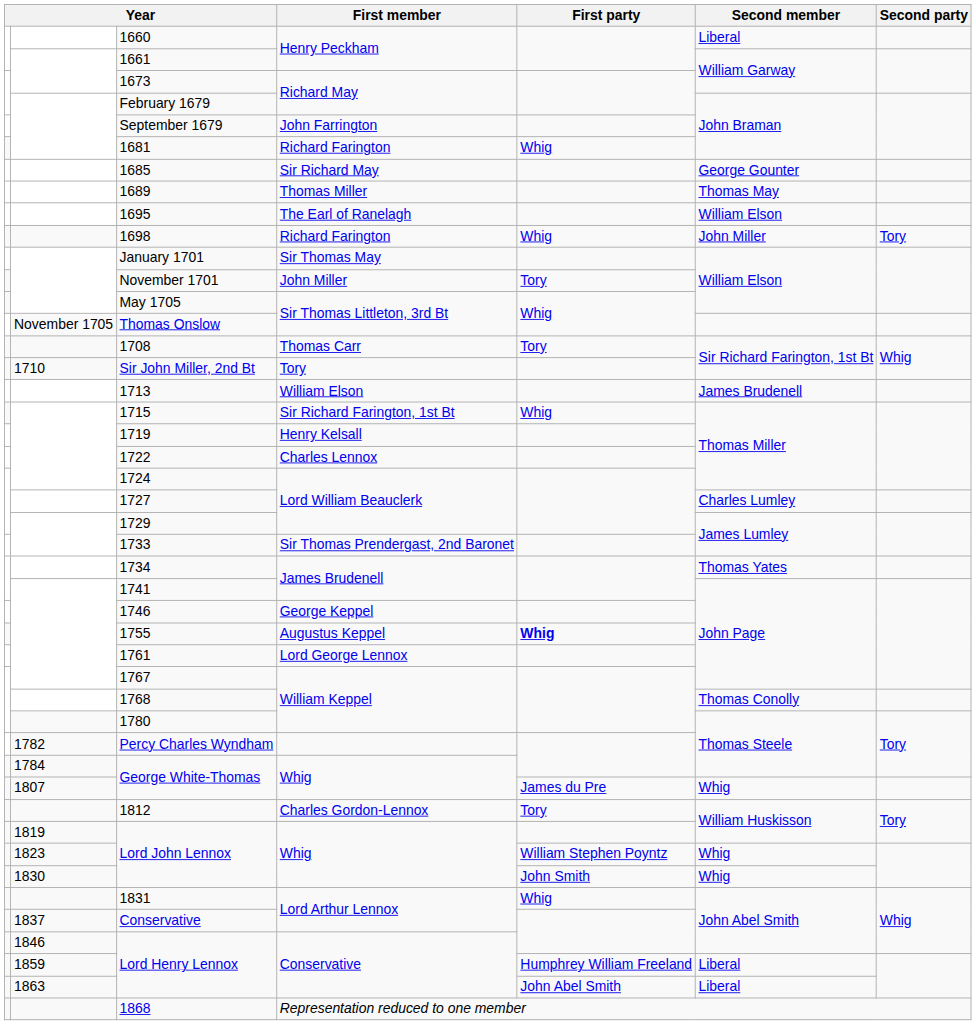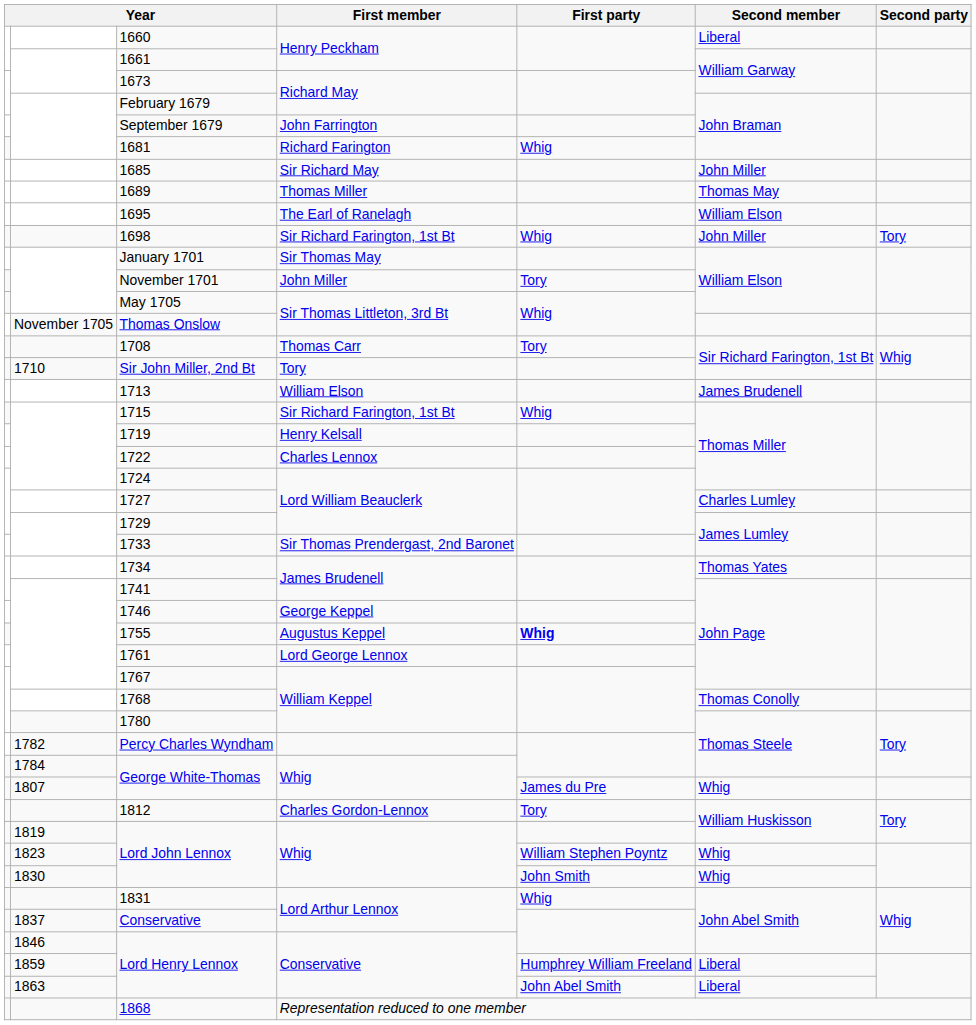 <table class="wikitable">
 <tr>
 <th colspan="3">Year</th>
 <th>First member</th>
 <th>First party</th>
 <th>Second member</th>
 <th>Second party</th>
 </tr>
 <tr>
 <td style="color:inherit;background-color: white" rowspan="2"></td>
 <td style="color:inherit;background-color: white"></td>
 <td>1660</td>
 <td rowspan="2"><a href='#'>Henry Peckham</a></td>
 <td rowspan="2"></td>
 <td><a href='#'>Liberal</a></td>
 <td></td>
 </tr>
 <tr>
 <td style="color:inherit;background-color: white" rowspan="2"></td>
 <td>1661</td>
 <td rowspan="2"><a href='#'>William Garway</a></td>
 <td rowspan="2"></td>
 </tr>
 <tr>
 <td style="color:inherit;background-color: white" rowspan="2"></td>
 <td>1673</td>
 <td rowspan="2"><a href='#'>Richard May</a></td>
 <td rowspan="2"></td>
 </tr>
 <tr>
 <td style="color:inherit;background-color: white" rowspan="3"></td>
 <td>February 1679</td>
 <td rowspan="3"><a href='#'>John Braman</a></td>
 <td rowspan="3"></td>
 </tr>
 <tr>
 <td style="color:inherit;background-color: white"></td>
 <td>September 1679</td>
 <td><a href='#'>John Farrington</a></td>
 <td></td>
 </tr>
 <tr>
 <td style="color:inherit;background-color: "></td>
 <td>1681</td>
 <td><a href='#'>Richard Farington</a></td>
 <td><a href='#'>Whig</a></td>
 </tr>
 <tr>
 <td style="color:inherit;background-color: white"></td>
 <td style="color:inherit;background-color: white"></td>
 <td>1685</td>
 <td><a href='#'>Sir Richard May</a></td>
 <td></td>
-<td><a href='#'>George Gounter</a></td>
+<td><a href='#'>John Miller</a></td>
 <td></td>
 </tr>
 <tr>
 <td style="color:inherit;background-color: white"></td>
 <td style="color:inherit;background-color: white"></td>
 <td>1689</td>
 <td><a href='#'>Thomas Miller</a></td>
 <td></td>
 <td><a href='#'>Thomas May</a></td>
 <td></td>
 </tr>
 <tr>
 <td style="color:inherit;background-color: white"></td>
 <td style="color:inherit;background-color: white"></td>
 <td>1695</td>
 <td><a href='#'>The Earl of Ranelagh</a></td>
 <td></td>
 <td><a href='#'>William Elson</a></td>
 <td></td>
 </tr>
 <tr>
 <td style="color:inherit;background-color: "></td>
 <td style="color:inherit;background-color: "></td>
 <td>1698</td>
-<td><a href='#'>Richard Farington</a></td>
+<td><a href='#'>Sir Richard Farington, 1st Bt</a></td>
 <td><a href='#'>Whig</a></td>
 <td><a href='#'>John Miller</a></td>
 <td><a href='#'>Tory</a></td>
 </tr>
 <tr>
 <td style="color:inherit;background-color: white"></td>
 <td style="color:inherit;background-color: white" rowspan="3"></td>
 <td>January 1701</td>
 <td><a href='#'>Sir Thomas May</a></td>
 <td></td>
 <td rowspan="3"><a href='#'>William Elson</a></td>
 <td rowspan="3"></td>
 </tr>
 <tr>
 <td style="color:inherit;background-color: "></td>
 <td>November 1701</td>
 <td><a href='#'>John Miller</a></td>
 <td><a href='#'>Tory</a></td>
 </tr>
 <tr>
 <td style="color:inherit;background-color: "></td>
 <td>May 1705</td>
 <td rowspan="2"><a href='#'>Sir Thomas Littleton, 3rd Bt</a></td>
 <td rowspan="2"><a href='#'>Whig</a></td>
 </tr>
 <tr>
 <td style="color:inherit;background-color: white"></td>
 <td>November 1705</td>
 <td><a href='#'>Thomas Onslow</a></td>
 <td></td>
 </tr>
 <tr>
 <td style="color:inherit;background-color: "></td>
 <td style="color:inherit;background-color: "></td>
 <td>1708</td>
 <td><a href='#'>Thomas Carr</a></td>
 <td><a href='#'>Tory</a></td>
 <td rowspan="2"><a href='#'>Sir Richard Farington, 1st Bt</a></td>
 <td rowspan="2"><a href='#'>Whig</a></td>
 </tr>
 <tr>
 <td style="color:inherit;background-color: "></td>
 <td>1710</td>
 <td><a href='#'>Sir John Miller, 2nd Bt</a></td>
 <td><a href='#'>Tory</a></td>
 </tr>
 <tr>
 <td style="color:inherit;background-color: white"></td>
 <td style="color:inherit;background-color: white"></td>
 <td>1713</td>
 <td><a href='#'>William Elson</a></td>
 <td></td>
 <td><a href='#'>James Brudenell</a></td>
 <td></td>
 </tr>
 <tr>
 <td style="color:inherit;background-color: "></td>
 <td style="color:inherit;background-color: white" rowspan="4"></td>
 <td>1715</td>
 <td><a href='#'>Sir Richard Farington, 1st Bt</a></td>
 <td><a href='#'>Whig</a></td>
 <td rowspan="4"><a href='#'>Thomas Miller</a></td>
 <td rowspan="4"></td>
 </tr>
 <tr>
 <td style="color:inherit;background-color: white"></td>
 <td>1719</td>
 <td><a href='#'>Henry Kelsall</a></td>
 <td></td>
 </tr>
 <tr>
 <td style="color:inherit;background-color: white"></td>
 <td>1722</td>
 <td><a href='#'>Charles Lennox</a></td>
 <td></td>
 </tr>
 <tr>
 <td style="color:inherit;background-color: white" rowspan="3"></td>
 <td>1724</td>
 <td rowspan="3"><a href='#'>Lord William Beauclerk</a></td>
 <td rowspan="3"></td>
 </tr>
 <tr>
 <td style="color:inherit;background-color: white"></td>
 <td>1727</td>
 <td><a href='#'>Charles Lumley</a></td>
 <td></td>
 </tr>
 <tr>
 <td style="color:inherit;background-color: white" rowspan="2"></td>
 <td>1729</td>
 <td rowspan="2"><a href='#'>James Lumley</a></td>
 <td rowspan="2"></td>
 </tr>
 <tr>
 <td style="color:inherit;background-color: white"></td>
 <td>1733</td>
 <td><a href='#'>Sir Thomas Prendergast, 2nd Baronet</a></td>
 <td></td>
 </tr>
 <tr>
 <td style="color:inherit;background-color: white" rowspan="2"></td>
 <td style="color:inherit;background-color: white"></td>
 <td>1734</td>
 <td rowspan="2"><a href='#'>James Brudenell</a></td>
 <td rowspan="2"></td>
 <td><a href='#'>Thomas Yates</a></td>
 <td></td>
 </tr>
 <tr>
 <td style="color:inherit;background-color: white" rowspan="5"></td>
 <td>1741</td>
 <td rowspan="5"><a href='#'>John Page</a></td>
 <td rowspan="5"></td>
 </tr>
 <tr>
 <td style="color:inherit;background-color: white"></td>
 <td>1746</td>
 <td><a href='#'>George Keppel</a></td>
 <td></td>
 </tr>
 <tr>
 <td style="color:inherit;background-color: "></td>
 <td>1755</td>
 <td><a href='#'>Augustus Keppel</a></td>
 <td><strong><a href='#'>Whig</a></strong></td>
 </tr>
 <tr>
 <td style="color:inherit;background-color: white"></td>
 <td>1761</td>
 <td><a href='#'>Lord George Lennox</a></td>
 <td></td>
 </tr>
 <tr>
 <td style="color:inherit;background-color: white" rowspan="3"></td>
 <td>1767</td>
 <td rowspan="3"><a href='#'>William Keppel</a></td>
 <td rowspan="3"></td>
 </tr>
 <tr>
 <td style="color:inherit;background-color: white"></td>
 <td>1768</td>
 <td><a href='#'>Thomas Conolly</a></td>
 <td></td>
 </tr>
 <tr>
 <td style="color:inherit;background-color: "></td>
 <td>1780</td>
 <td rowspan="3"><a href='#'>Thomas Steele</a></td>
 <td rowspan="3"><a href='#'>Tory</a></td>
 </tr>
 <tr>
 <td style="color:inherit;background-color: white"></td>
 <td>1782</td>
 <td><a href='#'>Percy Charles Wyndham</a></td>
 <td></td>
 </tr>
 <tr>
 <td style="color:inherit;background-color: "></td>
 <td>1784</td>
 <td rowspan="2"><a href='#'>George White-Thomas</a></td>
 <td rowspan="2"><a href='#'>Whig</a></td>
 </tr>
 <tr>
 <td style="color:inherit;background-color: "></td>
 <td>1807</td>
 <td><a href='#'>James du Pre</a></td>
 <td><a href='#'>Whig</a></td>
 </tr>
 <tr>
 <td style="color:inherit;background-color: "></td>
 <td style="color:inherit;background-color: "></td>
 <td>1812</td>
 <td><a href='#'>Charles Gordon-Lennox</a></td>
 <td><a href='#'>Tory</a></td>
 <td rowspan="2"><a href='#'>William Huskisson</a></td>
 <td rowspan="2"><a href='#'>Tory</a></td>
 </tr>
 <tr>
 <td style="color:inherit;background-color: "></td>
 <td>1819</td>
 <td rowspan="3"><a href='#'>Lord John Lennox</a></td>
 <td rowspan="3"><a href='#'>Whig</a></td>
 </tr>
 <tr>
 <td style="color:inherit;background-color: "></td>
 <td>1823</td>
 <td><a href='#'>William Stephen Poyntz</a></td>
 <td><a href='#'>Whig</a></td>
 </tr>
 <tr>
 <td style="color:inherit;background-color: "></td>
 <td>1830</td>
 <td><a href='#'>John Smith</a></td>
 <td><a href='#'>Whig</a></td>
 </tr>
 <tr>
 <td style="color:inherit;background-color: "></td>
 <td style="color:inherit;background-color: "></td>
 <td>1831</td>
 <td rowspan="2"><a href='#'>Lord Arthur Lennox</a></td>
 <td><a href='#'>Whig</a></td>
 <td rowspan="3"><a href='#'>John Abel Smith</a></td>
 <td rowspan="3"><a href='#'>Whig</a></td>
 </tr>
 <tr>
 <td style="color:inherit;background-color: "></td>
 <td>1837</td>
 <td><a href='#'>Conservative</a></td>
 </tr>
 <tr>
 <td style="color:inherit;background-color: "></td>
 <td>1846</td>
 <td rowspan="3"><a href='#'>Lord Henry Lennox</a></td>
 <td rowspan="3"><a href='#'>Conservative</a></td>
 </tr>
 <tr>
 <td style="color:inherit;background-color: "></td>
 <td>1859</td>
 <td><a href='#'>Humphrey William Freeland</a></td>
 <td><a href='#'>Liberal</a></td>
 </tr>
 <tr>
 <td style="color:inherit;background-color: "></td>
 <td>1863</td>
 <td><a href='#'>John Abel Smith</a></td>
 <td><a href='#'>Liberal</a></td>
 </tr>
 <tr>
 <td></td>
 <td></td>
 <td><a href='#'>1868</a></td>
 <td colspan="4"><em>Representation reduced to one member</em></td>
 </tr>
 </table>
